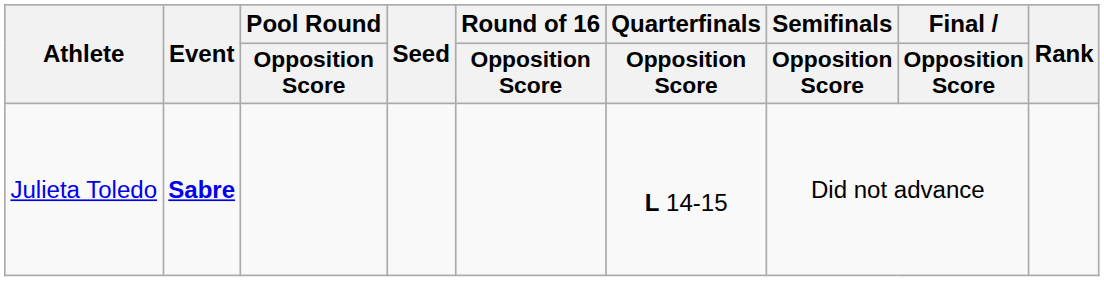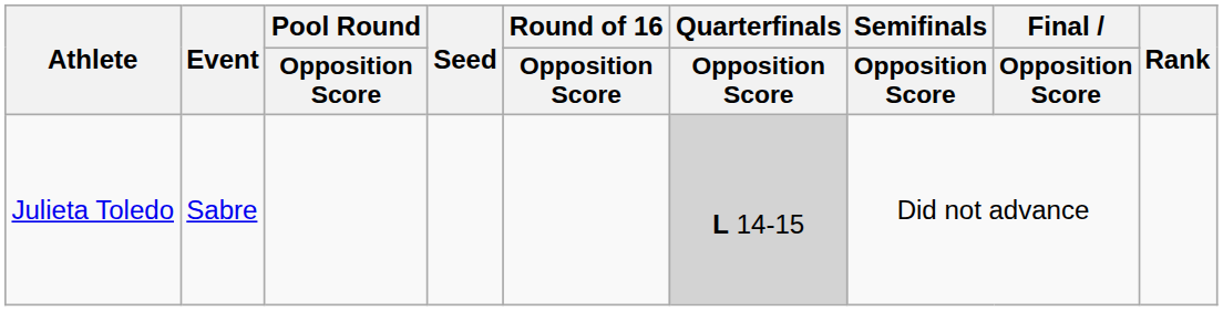 <table class=wikitable style="font-size:90%">
 <tr>
 <th rowspan="2">Athlete</th>
 <th rowspan="2">Event</th>
 <th>Pool Round</th>
 <th rowspan="2">Seed</th>
 <th>Round of 16</th>
 <th>Quarterfinals</th>
 <th>Semifinals</th>
 <th>Final / </th>
 <th rowspan=2>Rank</th>
 </tr>
 <tr style="font-size:95%">
 <th>Opposition<br>Score</th>
 <th>Opposition<br>Score</th>
 <th>Opposition<br>Score</th>
 <th>Opposition<br>Score</th>
 <th>Opposition<br>Score</th>
 </tr>
 <tr align=center>
 <td align=left><a href='#'>Julieta Toledo</a></td>
-<td align=left><strong><a href='#'>Sabre</a></strong></td>
+<td align=left><a href='#'>Sabre</a></td>
 <td align=left><br><br><br><br><br><br></td>
 <td></td>
 <td></td>
-<td><br><strong>L</strong> 14-15</td>
+<td style="background: lightgrey;"><br><strong>L</strong> 14-15</td>
 <td colspan=2>Did not advance</td>
 <td></td>
 </tr>
 </table>
